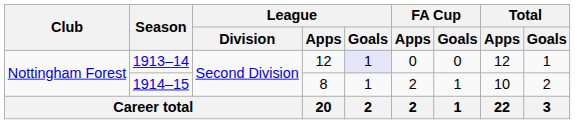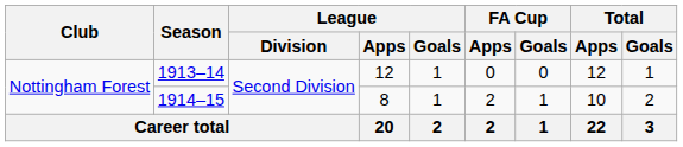 <table class="wikitable" style="text-align: center">
 <tr>
 <th rowspan="2">Club</th>
 <th rowspan="2">Season</th>
 <th colspan="3">League</th>
 <th colspan="2">FA Cup</th>
 <th colspan="2">Total</th>
 </tr>
 <tr>
 <th>Division</th>
 <th>Apps</th>
 <th>Goals</th>
 <th>Apps</th>
 <th>Goals</th>
 <th>Apps</th>
 <th>Goals</th>
 </tr>
 <tr>
 <td rowspan="2"><a href='#'>Nottingham Forest</a></td>
 <td><a href='#'>1913–14</a></td>
 <td rowspan="2"><a href='#'>Second Division</a></td>
 <td>12</td>
-<td style="background: lavender;">1</td>
+<td>1</td>
 <td>0</td>
 <td>0</td>
 <td>12</td>
 <td>1</td>
 </tr>
 <tr>
 <td><a href='#'>1914–15</a></td>
 <td>8</td>
 <td>1</td>
 <td>2</td>
 <td>1</td>
 <td>10</td>
 <td>2</td>
 </tr>
 <tr>
 <th colspan="3">Career total</th>
 <th>20</th>
 <th>2</th>
 <th>2</th>
 <th>1</th>
 <th>22</th>
 <th>3</th>
 </tr>
 </table>
